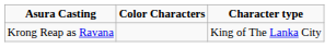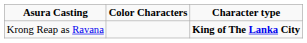 <table class="wikitable" style="text-align:center;">
 <tr>
 <td><span><strong>Asura Casting</strong></span></td>
 <td><span><strong>Color Characters</strong></span></td>
 <td><span><strong>Character type</strong></span></td>
 </tr>
 <tr>
 <td>Krong Reap as <a href='#'>Ravana</a></td>
 <td></td>
-<td>King of The <a href='#'>Lanka</a> City</td>
+<td><strong>King of The <a href='#'>Lanka</a> City</strong></td>
 </tr>
 </table>
